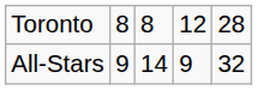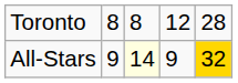 <table class="wikitable">
 <tr>
 <td>Toronto</td>
 <td>8</td>
 <td>8</td>
 <td>12</td>
 <td>28</td>
 </tr>
 <tr>
 <td>All-Stars</td>
 <td>9</td>
-<td>14</td>
+<td style="background: lightyellow;">14</td>
 <td>9</td>
-<td>32</td>
+<td style="background: gold;">32</td>
 </tr>
 </table>
